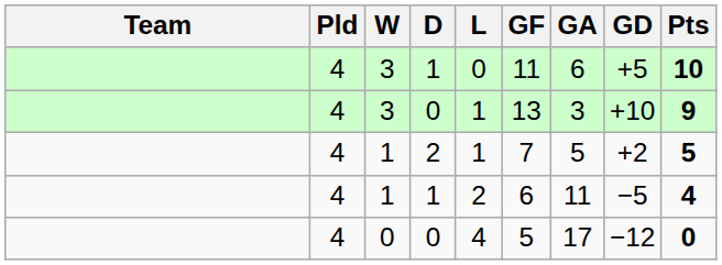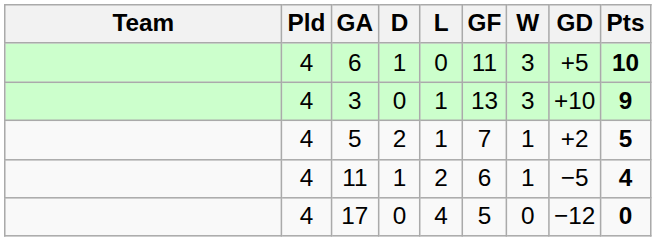 <table class="wikitable" style="text-align:center;">
 <tr>
 <th width=175>Team</th>
 <th width=20>Pld</th>
-<th width=20>W</th>
+<th width=20>GA</th>
 <th width=20>D</th>
 <th width=20>L</th>
 <th width=20>GF</th>
-<th width=20>GA</th>
+<th width=20>W</th>
 <th width=20>GD</th>
 <th width=20>Pts</th>
 </tr>
 <tr style="background:#ccffcc;">
 <td style="text-align:left;"></td>
 <td>4</td>
-<td>3</td>
+<td>6</td>
 <td>1</td>
 <td>0</td>
 <td>11</td>
-<td>6</td>
+<td>3</td>
 <td>+5</td>
 <td><strong>10</strong></td>
 </tr>
 <tr style="background:#ccffcc;">
 <td style="text-align:left;"></td>
 <td>4</td>
 <td>3</td>
 <td>0</td>
 <td>1</td>
 <td>13</td>
 <td>3</td>
 <td>+10</td>
 <td><strong>9</strong></td>
 </tr>
 <tr>
 <td style="text-align:left;"></td>
 <td>4</td>
-<td>1</td>
+<td>5</td>
 <td>2</td>
 <td>1</td>
 <td>7</td>
-<td>5</td>
+<td>1</td>
 <td>+2</td>
 <td><strong>5</strong></td>
 </tr>
 <tr>
 <td style="text-align:left;"></td>
 <td>4</td>
-<td>1</td>
+<td>11</td>
 <td>1</td>
 <td>2</td>
 <td>6</td>
-<td>11</td>
+<td>1</td>
 <td>−5</td>
 <td><strong>4</strong></td>
 </tr>
 <tr>
 <td style="text-align:left;"></td>
 <td>4</td>
-<td>0</td>
+<td>17</td>
 <td>0</td>
 <td>4</td>
 <td>5</td>
-<td>17</td>
+<td>0</td>
 <td>−12</td>
 <td><strong>0</strong></td>
 </tr>
 </table>
